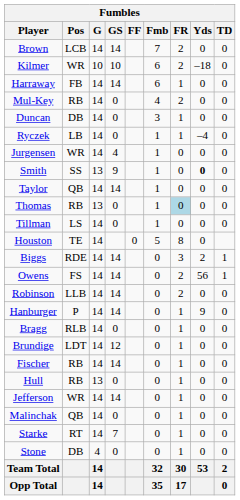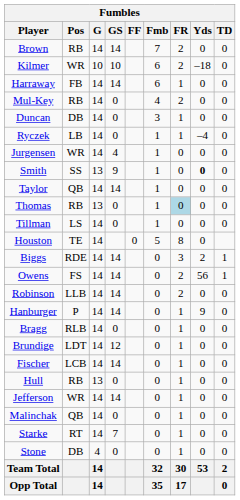 <table class="wikitable" style="text-align:center">
 <tr>
 <th colspan="9">Fumbles</th>
 </tr>
 <tr>
 <th>Player</th>
 <th>Pos</th>
 <th>G</th>
 <th>GS</th>
 <th>FF</th>
 <th>Fmb</th>
 <th>FR</th>
 <th>Yds</th>
 <th>TD</th>
 </tr>
 <tr>
 <td><a href='#'>Brown</a></td>
-<td>LCB</td>
+<td>RB</td>
 <td>14</td>
 <td>14</td>
 <td></td>
 <td>7</td>
 <td>2</td>
 <td>0</td>
 <td>0</td>
 </tr>
 <tr>
 <td><a href='#'>Kilmer</a></td>
 <td>WR</td>
 <td>10</td>
 <td>10</td>
 <td></td>
 <td>6</td>
 <td>2</td>
 <td>–18</td>
 <td>0</td>
 </tr>
 <tr>
 <td><a href='#'>Harraway</a></td>
 <td>FB</td>
 <td>14</td>
 <td>14</td>
 <td></td>
 <td>6</td>
 <td>1</td>
 <td>0</td>
 <td>0</td>
 </tr>
 <tr>
 <td><a href='#'>Mul-Key</a></td>
 <td>RB</td>
 <td>14</td>
 <td>0</td>
 <td></td>
 <td>4</td>
 <td>2</td>
 <td>0</td>
 <td>0</td>
 </tr>
 <tr>
 <td><a href='#'>Duncan</a></td>
 <td>DB</td>
 <td>14</td>
 <td>0</td>
 <td></td>
 <td>3</td>
 <td>1</td>
 <td>0</td>
 <td>0</td>
 </tr>
 <tr>
 <td><a href='#'>Ryczek</a></td>
 <td>LB</td>
 <td>14</td>
 <td>0</td>
 <td></td>
 <td>1</td>
 <td>1</td>
 <td>–4</td>
 <td>0</td>
 </tr>
 <tr>
 <td><a href='#'>Jurgensen</a></td>
 <td>WR</td>
 <td>14</td>
 <td>4</td>
 <td></td>
 <td>1</td>
 <td>0</td>
 <td>0</td>
 <td>0</td>
 </tr>
 <tr>
 <td><a href='#'>Smith</a></td>
 <td>SS</td>
 <td>13</td>
 <td>9</td>
 <td></td>
 <td>1</td>
 <td>0</td>
 <td><strong>0</strong></td>
 <td>0</td>
 </tr>
 <tr>
 <td><a href='#'>Taylor</a></td>
 <td>QB</td>
 <td>14</td>
 <td>14</td>
 <td></td>
 <td>1</td>
 <td>0</td>
 <td>0</td>
 <td>0</td>
 </tr>
 <tr>
 <td><a href='#'>Thomas</a></td>
 <td>RB</td>
 <td>13</td>
 <td>0</td>
 <td></td>
 <td>1</td>
 <td style="background: lightblue;">0</td>
 <td>0</td>
 <td>0</td>
 </tr>
 <tr>
 <td><a href='#'>Tillman</a></td>
 <td>LS</td>
 <td>14</td>
 <td>0</td>
 <td></td>
 <td>1</td>
 <td>0</td>
 <td>0</td>
 <td>0</td>
 </tr>
 <tr>
 <td><a href='#'>Houston</a></td>
 <td>TE</td>
 <td 14>14</td>
 <td></td>
 <td>0</td>
 <td>5</td>
 <td>8</td>
 <td>0</td>
 </tr>
 <tr>
 <td><a href='#'>Biggs</a></td>
 <td>RDE</td>
 <td>14</td>
 <td>14</td>
 <td></td>
 <td>0</td>
 <td>3</td>
 <td>2</td>
 <td>1</td>
 </tr>
 <tr>
 <td><a href='#'>Owens</a></td>
 <td>FS</td>
 <td>14</td>
 <td>14</td>
 <td></td>
 <td>0</td>
 <td>2</td>
 <td>56</td>
 <td>1</td>
 </tr>
 <tr>
 <td><a href='#'>Robinson</a></td>
 <td>LLB</td>
 <td>14</td>
 <td>14</td>
 <td></td>
 <td>0</td>
 <td>2</td>
 <td>0</td>
 <td>0</td>
 </tr>
 <tr>
 <td><a href='#'>Hanburger</a></td>
 <td>P</td>
 <td>14</td>
 <td>14</td>
 <td></td>
 <td>0</td>
 <td>1</td>
 <td>9</td>
 <td>0</td>
 </tr>
 <tr>
 <td><a href='#'>Bragg</a></td>
 <td>RLB</td>
 <td>14</td>
 <td>0</td>
 <td></td>
 <td>0</td>
 <td>1</td>
 <td>0</td>
 <td>0</td>
 </tr>
 <tr>
 <td><a href='#'>Brundige</a></td>
 <td>LDT</td>
 <td>14</td>
 <td>12</td>
 <td></td>
 <td>0</td>
 <td>1</td>
 <td>0</td>
 <td>0</td>
 </tr>
 <tr>
 <td><a href='#'>Fischer</a></td>
-<td>RB</td>
+<td>LCB</td>
 <td>14</td>
 <td>14</td>
 <td></td>
 <td>0</td>
 <td>1</td>
 <td>0</td>
 <td>0</td>
 </tr>
 <tr>
 <td><a href='#'>Hull</a></td>
 <td>RB</td>
 <td>13</td>
 <td>0</td>
 <td></td>
 <td>0</td>
 <td>1</td>
 <td>0</td>
 <td>0</td>
 </tr>
 <tr>
 <td><a href='#'>Jefferson</a></td>
 <td>WR</td>
 <td>14</td>
 <td>14</td>
 <td></td>
 <td>0</td>
 <td>1</td>
 <td>0</td>
 <td>0</td>
 </tr>
 <tr>
 <td><a href='#'>Malinchak</a></td>
 <td>QB</td>
 <td>14</td>
 <td>0</td>
 <td></td>
 <td>0</td>
 <td>1</td>
 <td>0</td>
 <td>0</td>
 </tr>
 <tr>
 <td><a href='#'>Starke</a></td>
 <td>RT</td>
 <td>14</td>
 <td>7</td>
 <td></td>
 <td>0</td>
 <td>1</td>
 <td>0</td>
 <td>0</td>
 </tr>
 <tr>
 <td><a href='#'>Stone</a></td>
 <td>DB</td>
 <td>4</td>
 <td>0</td>
 <td></td>
 <td>0</td>
 <td>1</td>
 <td>0</td>
 <td>0</td>
 </tr>
 <tr>
 <th>Team Total</th>
 <th></th>
 <th>14</th>
 <th></th>
 <th></th>
 <th>32</th>
 <th>30</th>
 <th>53</th>
 <th>2</th>
 </tr>
 <tr>
 <th>Opp Total</th>
 <th></th>
 <th>14</th>
 <th></th>
 <th></th>
 <th>35</th>
 <th>17</th>
 <th></th>
 <th>0</th>
 </tr>
 </table>
